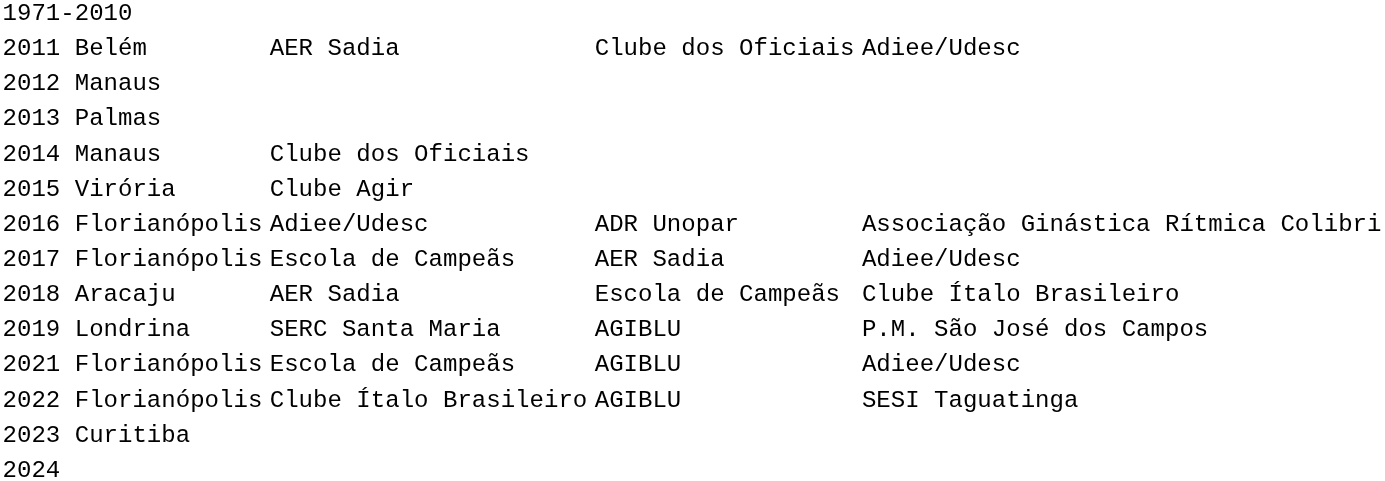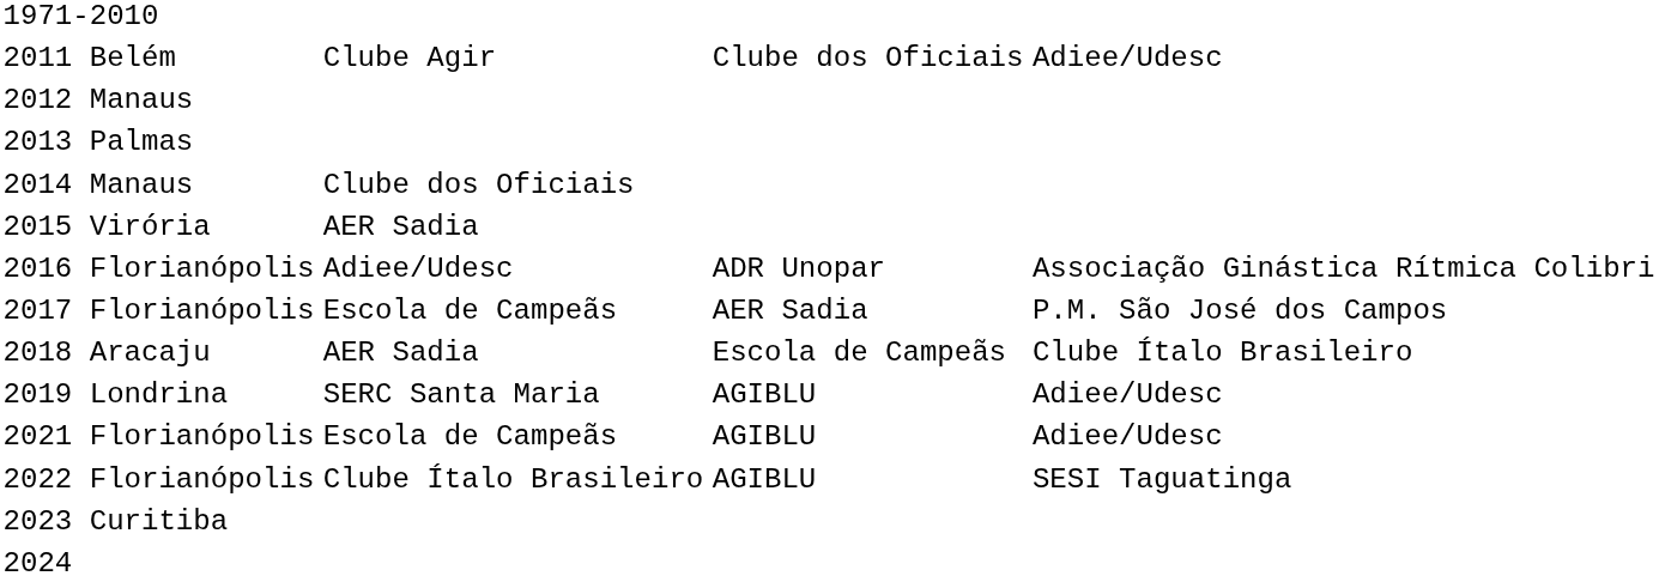 <table>
 <tr>
 <td>1971-2010</td>
 <td></td>
 <td></td>
 <td></td>
 </tr>
 <tr>
 <td>2011 Belém</td>
-<td>AER Sadia</td>
+<td>Clube Agir</td>
 <td>Clube dos Oficiais</td>
 <td>Adiee/Udesc</td>
 </tr>
 <tr>
 <td>2012 Manaus</td>
 <td></td>
 <td></td>
 <td></td>
 </tr>
 <tr>
 <td>2013 Palmas</td>
 <td></td>
 <td></td>
 <td></td>
 </tr>
 <tr>
 <td>2014 Manaus</td>
 <td>Clube dos Oficiais</td>
 <td></td>
 <td></td>
 </tr>
 <tr>
 <td>2015 Virória</td>
-<td>Clube Agir</td>
+<td>AER Sadia</td>
 <td></td>
 <td></td>
 </tr>
 <tr>
 <td>2016 Florianópolis</td>
 <td>Adiee/Udesc</td>
 <td>ADR Unopar</td>
 <td>Associação Ginástica Rítmica Colibri</td>
 </tr>
 <tr>
 <td>2017 Florianópolis</td>
 <td>Escola de Campeãs</td>
 <td>AER Sadia</td>
-<td>Adiee/Udesc</td>
+<td>P.M. São José dos Campos</td>
 </tr>
 <tr>
 <td>2018 Aracaju</td>
 <td>AER Sadia</td>
 <td>Escola de Campeãs</td>
 <td>Clube Ítalo Brasileiro</td>
 </tr>
 <tr>
 <td>2019 Londrina</td>
 <td>SERC Santa Maria</td>
 <td>AGIBLU</td>
-<td>P.M. São José dos Campos</td>
+<td>Adiee/Udesc</td>
 </tr>
 <tr>
 <td>2021 Florianópolis</td>
 <td>Escola de Campeãs</td>
 <td>AGIBLU</td>
 <td>Adiee/Udesc</td>
 </tr>
 <tr>
 <td>2022 Florianópolis</td>
 <td>Clube Ítalo Brasileiro</td>
 <td>AGIBLU</td>
 <td>SESI Taguatinga</td>
 </tr>
 <tr>
 <td>2023 Curitiba</td>
 <td></td>
 <td></td>
 <td></td>
 </tr>
 <tr>
 <td>2024</td>
 <td></td>
 <td></td>
 <td></td>
 </tr>
 <tr>
 </tr>
 </table>
